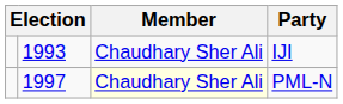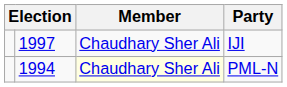 <table class="wikitable">
 <tr>
 <th colspan="2">Election</th>
 <th>Member</th>
 <th>Party</th>
 </tr>
 <tr>
 <td style="background-color: "></td>
-<td><a href='#'>1993</a></td>
+<td><a href='#'>1997</a></td>
 <td><a href='#'>Chaudhary Sher Ali</a></td>
 <td><a href='#'>IJI</a></td>
 </tr>
 <tr>
 <td style="background-color: "></td>
-<td><a href='#'>1997</a></td>
+<td><a href='#'>1994</a></td>
 <td style="background: lightyellow;"><a href='#'>Chaudhary Sher Ali</a></td>
 <td><a href='#'>PML-N</a></td>
 </tr>
 </table>
